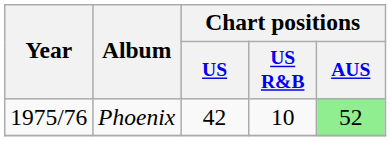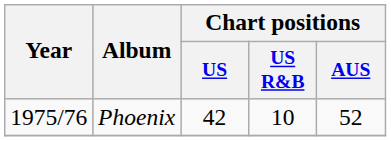 <table class="wikitable" style="text-align:center;">
 <tr>
 <th rowspan="2">Year</th>
 <th rowspan="2">Album</th>
 <th colspan="3">Chart positions</th>
 </tr>
 <tr style="font-size:smaller;">
 <th width="40"><a href='#'>US</a></th>
 <th width="40"><a href='#'>US<br>R&B</a></th>
 <th width="40"><a href='#'>AUS</a></th>
 </tr>
 <tr>
 <td rowspan="1">1975/76</td>
 <td align="left"><em>Phoenix</em></td>
 <td>42</td>
 <td>10</td>
-<td style="background: lightgreen;">52</td>
+<td>52</td>
 </tr>
 <tr>
 </tr>
 </table>
